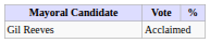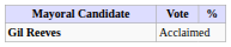 <table class="wikitable">
 <tr>
 <th style="background:#ddf; width:200px;">Mayoral Candidate</th>
 <th style="background:#ddf; width:50px;">Vote</th>
 <th style="background:#ddf; width:30px;">%</th>
 </tr>
 <tr>
-<td>Gil Reeves</td>
+<td><strong>Gil Reeves</strong></td>
 <td colspan="2">Acclaimed</td>
 </tr>
 </table>
